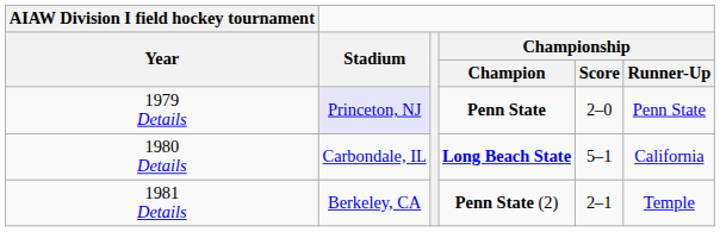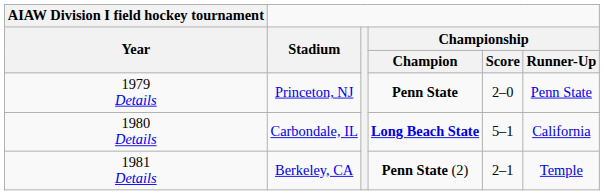 <table class="wikitable" style="text-align:center">
 <tr>
 <th style=>AIAW Division I field hockey tournament</th>
 </tr>
 <tr>
 <th rowspan="2">Year</th>
 <th rowspan="2">Stadium</th>
 <th rowspan="6"></th>
 <th colspan=3>Championship</th>
 </tr>
 <tr>
 <th>Champion</th>
 <th>Score</th>
 <th>Runner-Up</th>
 </tr>
 <tr>
 <td>1979 <br> <em><a href='#'>Details</a></em></td>
-<td style="background: lavender;"><a href='#'>Princeton, NJ</a></td>
+<td><a href='#'>Princeton, NJ</a></td>
 <td><strong>Penn State</strong></td>
 <td align=center>2–0</td>
 <td><a href='#'>Penn State</a></td>
 </tr>
 <tr>
 <td>1980 <br> <em><a href='#'>Details</a></em></td>
 <td><a href='#'>Carbondale, IL</a></td>
 <td><strong><a href='#'>Long Beach State</a></strong></td>
 <td align=center>5–1</td>
 <td><a href='#'>California</a></td>
 </tr>
 <tr>
 <td>1981 <br> <em><a href='#'>Details</a></em></td>
 <td><a href='#'>Berkeley, CA</a></td>
 <td><strong>Penn State</strong> (2)</td>
 <td align=center>2–1</td>
 <td><a href='#'>Temple</a></td>
 </tr>
 </table>
